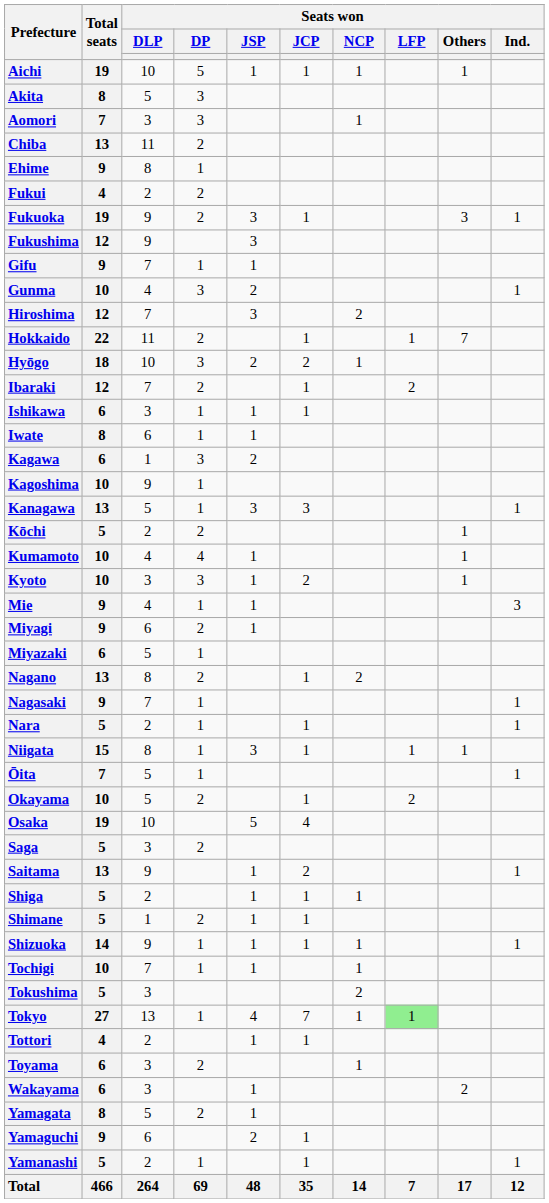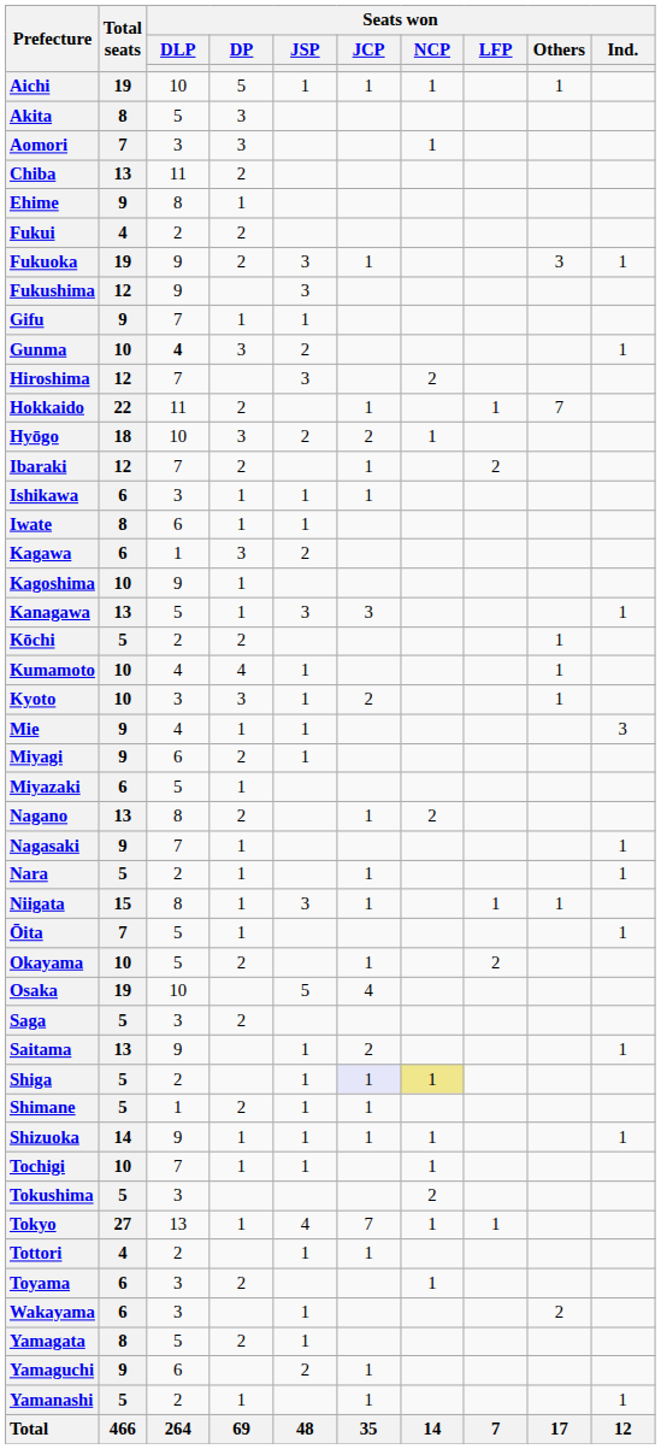 <table class="wikitable" style="text-align:center; font-size: 0.9em;">
 <tr>
 <th rowspan="3">Prefecture</th>
 <th rowspan="3">Total<br>seats</th>
 <th colspan="8">Seats won</th>
 </tr>
 <tr>
 <th class="unsortable" style="width:45px;"><a href='#'>DLP</a></th>
 <th class="unsortable" style="width:45px;"><a href='#'>DP</a></th>
 <th class="unsortable" style="width:45px;"><a href='#'>JSP</a></th>
 <th class="unsortable" style="width:45px;"><a href='#'>JCP</a></th>
 <th class="unsortable" style="width:45px;"><a href='#'>NCP</a></th>
 <th class="unsortable" style="width:45px;"><a href='#'>LFP</a></th>
 <th class="unsortable" style="width:45px;">Others</th>
 <th class="unsortable" style="width:45px;">Ind.</th>
 </tr>
 <tr>
 <th style="background:"></th>
 <th style="background:"></th>
 <th style="background:"></th>
 <th style="background:"></th>
 <th style="background:"></th>
 <th style="background:"></th>
 <th></th>
 <th style="background:"></th>
 </tr>
 <tr>
 <th style="text-align: left;"><a href='#'>Aichi</a></th>
 <th>19</th>
 <td>10</td>
 <td>5</td>
 <td>1</td>
 <td>1</td>
 <td>1</td>
 <td></td>
 <td>1</td>
 <td></td>
 </tr>
 <tr>
 <th style="text-align: left;"><a href='#'>Akita</a></th>
 <th>8</th>
 <td>5</td>
 <td>3</td>
 <td></td>
 <td></td>
 <td></td>
 <td></td>
 <td></td>
 <td></td>
 </tr>
 <tr>
 <th style="text-align: left;"><a href='#'>Aomori</a></th>
 <th>7</th>
 <td>3</td>
 <td>3</td>
 <td></td>
 <td></td>
 <td>1</td>
 <td></td>
 <td></td>
 <td></td>
 </tr>
 <tr>
 <th style="text-align: left;"><a href='#'>Chiba</a></th>
 <th>13</th>
 <td>11</td>
 <td>2</td>
 <td></td>
 <td></td>
 <td></td>
 <td></td>
 <td></td>
 <td></td>
 </tr>
 <tr>
 <th style="text-align: left;"><a href='#'>Ehime</a></th>
 <th>9</th>
 <td>8</td>
 <td>1</td>
 <td></td>
 <td></td>
 <td></td>
 <td></td>
 <td></td>
 <td></td>
 </tr>
 <tr>
 <th style="text-align: left;"><a href='#'>Fukui</a></th>
 <th>4</th>
 <td>2</td>
 <td>2</td>
 <td></td>
 <td></td>
 <td></td>
 <td></td>
 <td></td>
 <td></td>
 </tr>
 <tr>
 <th style="text-align: left;"><a href='#'>Fukuoka</a></th>
 <th>19</th>
 <td>9</td>
 <td>2</td>
 <td>3</td>
 <td>1</td>
 <td></td>
 <td></td>
 <td>3</td>
 <td>1</td>
 </tr>
 <tr>
 <th style="text-align: left;"><a href='#'>Fukushima</a></th>
 <th>12</th>
 <td>9</td>
 <td></td>
 <td>3</td>
 <td></td>
 <td></td>
 <td></td>
 <td></td>
 <td></td>
 </tr>
 <tr>
 <th style="text-align: left;"><a href='#'>Gifu</a></th>
 <th>9</th>
 <td>7</td>
 <td>1</td>
 <td>1</td>
 <td></td>
 <td></td>
 <td></td>
 <td></td>
 <td></td>
 </tr>
 <tr>
 <th style="text-align: left;"><a href='#'>Gunma</a></th>
 <th>10</th>
-<td>4</td>
+<td><strong>4</strong></td>
 <td>3</td>
 <td>2</td>
 <td></td>
 <td></td>
 <td></td>
 <td></td>
 <td>1</td>
 </tr>
 <tr>
 <th style="text-align: left;"><a href='#'>Hiroshima</a></th>
 <th>12</th>
 <td>7</td>
 <td></td>
 <td>3</td>
 <td></td>
 <td>2</td>
 <td></td>
 <td></td>
 <td></td>
 </tr>
 <tr>
 <th style="text-align: left;"><a href='#'>Hokkaido</a></th>
 <th>22</th>
 <td>11</td>
 <td>2</td>
 <td></td>
 <td>1</td>
 <td></td>
 <td>1</td>
 <td>7</td>
 <td></td>
 </tr>
 <tr>
 <th style="text-align: left;"><a href='#'>Hyōgo</a></th>
 <th>18</th>
 <td>10</td>
 <td>3</td>
 <td>2</td>
 <td>2</td>
 <td>1</td>
 <td></td>
 <td></td>
 <td></td>
 </tr>
 <tr>
 <th style="text-align: left;"><a href='#'>Ibaraki</a></th>
 <th>12</th>
 <td>7</td>
 <td>2</td>
 <td></td>
 <td>1</td>
 <td></td>
 <td>2</td>
 <td></td>
 <td></td>
 </tr>
 <tr>
 <th style="text-align: left;"><a href='#'>Ishikawa</a></th>
 <th>6</th>
 <td>3</td>
 <td>1</td>
 <td>1</td>
 <td>1</td>
 <td></td>
 <td></td>
 <td></td>
 <td></td>
 </tr>
 <tr>
 <th style="text-align: left;"><a href='#'>Iwate</a></th>
 <th>8</th>
 <td>6</td>
 <td>1</td>
 <td>1</td>
 <td></td>
 <td></td>
 <td></td>
 <td></td>
 <td></td>
 </tr>
 <tr>
 <th style="text-align: left;"><a href='#'>Kagawa</a></th>
 <th>6</th>
 <td>1</td>
 <td>3</td>
 <td>2</td>
 <td></td>
 <td></td>
 <td></td>
 <td></td>
 <td></td>
 </tr>
 <tr>
 <th style="text-align: left;"><a href='#'>Kagoshima</a></th>
 <th>10</th>
 <td>9</td>
 <td>1</td>
 <td></td>
 <td></td>
 <td></td>
 <td></td>
 <td></td>
 <td></td>
 </tr>
 <tr>
 <th style="text-align: left;"><a href='#'>Kanagawa</a></th>
 <th>13</th>
 <td>5</td>
 <td>1</td>
 <td>3</td>
 <td>3</td>
 <td></td>
 <td></td>
 <td></td>
 <td>1</td>
 </tr>
 <tr>
 <th style="text-align: left;"><a href='#'>Kōchi</a></th>
 <th>5</th>
 <td>2</td>
 <td>2</td>
 <td></td>
 <td></td>
 <td></td>
 <td></td>
 <td>1</td>
 <td></td>
 </tr>
 <tr>
 <th style="text-align: left;"><a href='#'>Kumamoto</a></th>
 <th>10</th>
 <td>4</td>
 <td>4</td>
 <td>1</td>
 <td></td>
 <td></td>
 <td></td>
 <td>1</td>
 <td></td>
 </tr>
 <tr>
 <th style="text-align: left;"><a href='#'>Kyoto</a></th>
 <th>10</th>
 <td>3</td>
 <td>3</td>
 <td>1</td>
 <td>2</td>
 <td></td>
 <td></td>
 <td>1</td>
 <td></td>
 </tr>
 <tr>
 <th style="text-align: left;"><a href='#'>Mie</a></th>
 <th>9</th>
 <td>4</td>
 <td>1</td>
 <td>1</td>
 <td></td>
 <td></td>
 <td></td>
 <td></td>
 <td>3</td>
 </tr>
 <tr>
 <th style="text-align: left;"><a href='#'>Miyagi</a></th>
 <th>9</th>
 <td>6</td>
 <td>2</td>
 <td>1</td>
 <td></td>
 <td></td>
 <td></td>
 <td></td>
 <td></td>
 </tr>
 <tr>
 <th style="text-align: left;"><a href='#'>Miyazaki</a></th>
 <th>6</th>
 <td>5</td>
 <td>1</td>
 <td></td>
 <td></td>
 <td></td>
 <td></td>
 <td></td>
 <td></td>
 </tr>
 <tr>
 <th style="text-align: left;"><a href='#'>Nagano</a></th>
 <th>13</th>
 <td>8</td>
 <td>2</td>
 <td></td>
 <td>1</td>
 <td>2</td>
 <td></td>
 <td></td>
 <td></td>
 </tr>
 <tr>
 <th style="text-align: left;"><a href='#'>Nagasaki</a></th>
 <th>9</th>
 <td>7</td>
 <td>1</td>
 <td></td>
 <td></td>
 <td></td>
 <td></td>
 <td></td>
 <td>1</td>
 </tr>
 <tr>
 <th style="text-align: left;"><a href='#'>Nara</a></th>
 <th>5</th>
 <td>2</td>
 <td>1</td>
 <td></td>
 <td>1</td>
 <td></td>
 <td></td>
 <td></td>
 <td>1</td>
 </tr>
 <tr>
 <th style="text-align: left;"><a href='#'>Niigata</a></th>
 <th>15</th>
 <td>8</td>
 <td>1</td>
 <td>3</td>
 <td>1</td>
 <td></td>
 <td>1</td>
 <td>1</td>
 <td></td>
 </tr>
 <tr>
 <th style="text-align: left;"><a href='#'>Ōita</a></th>
 <th>7</th>
 <td>5</td>
 <td>1</td>
 <td></td>
 <td></td>
 <td></td>
 <td></td>
 <td></td>
 <td>1</td>
 </tr>
 <tr>
 <th style="text-align: left;"><a href='#'>Okayama</a></th>
 <th>10</th>
 <td>5</td>
 <td>2</td>
 <td></td>
 <td>1</td>
 <td></td>
 <td>2</td>
 <td></td>
 <td></td>
 </tr>
 <tr>
 <th style="text-align: left;"><a href='#'>Osaka</a></th>
 <th>19</th>
 <td>10</td>
 <td></td>
 <td>5</td>
 <td>4</td>
 <td></td>
 <td></td>
 <td></td>
 <td></td>
 </tr>
 <tr>
 <th style="text-align: left;"><a href='#'>Saga</a></th>
 <th>5</th>
 <td>3</td>
 <td>2</td>
 <td></td>
 <td></td>
 <td></td>
 <td></td>
 <td></td>
 <td></td>
 </tr>
 <tr>
 <th style="text-align: left;"><a href='#'>Saitama</a></th>
 <th>13</th>
 <td>9</td>
 <td></td>
 <td>1</td>
 <td>2</td>
 <td></td>
 <td></td>
 <td></td>
 <td>1</td>
 </tr>
 <tr>
 <th style="text-align: left;"><a href='#'>Shiga</a></th>
 <th>5</th>
 <td>2</td>
 <td></td>
 <td>1</td>
-<td>1</td>
-<td>1</td>
+<td style="background: lavender;">1</td>
+<td style="background: khaki;">1</td>
 <td></td>
 <td></td>
 <td></td>
 </tr>
 <tr>
 <th style="text-align: left;"><a href='#'>Shimane</a></th>
 <th>5</th>
 <td>1</td>
 <td>2</td>
 <td>1</td>
 <td>1</td>
 <td></td>
 <td></td>
 <td></td>
 <td></td>
 </tr>
 <tr>
 <th style="text-align: left;"><a href='#'>Shizuoka</a></th>
 <th>14</th>
 <td>9</td>
 <td>1</td>
 <td>1</td>
 <td>1</td>
 <td>1</td>
 <td></td>
 <td></td>
 <td>1</td>
 </tr>
 <tr>
 <th style="text-align: left;"><a href='#'>Tochigi</a></th>
 <th>10</th>
 <td>7</td>
 <td>1</td>
 <td>1</td>
 <td></td>
 <td>1</td>
 <td></td>
 <td></td>
 <td></td>
 </tr>
 <tr>
 <th style="text-align: left;"><a href='#'>Tokushima</a></th>
 <th>5</th>
 <td>3</td>
 <td></td>
 <td></td>
 <td></td>
 <td>2</td>
 <td></td>
 <td></td>
 <td></td>
 </tr>
 <tr>
 <th style="text-align: left;"><a href='#'>Tokyo</a></th>
 <th>27</th>
 <td>13</td>
 <td>1</td>
 <td>4</td>
 <td>7</td>
 <td>1</td>
-<td style="background: lightgreen;">1</td>
+<td>1</td>
 <td></td>
 <td></td>
 </tr>
 <tr>
 <th style="text-align: left;"><a href='#'>Tottori</a></th>
 <th>4</th>
 <td>2</td>
 <td></td>
 <td>1</td>
 <td>1</td>
 <td></td>
 <td></td>
 <td></td>
 <td></td>
 </tr>
 <tr>
 <th style="text-align: left;"><a href='#'>Toyama</a></th>
 <th>6</th>
 <td>3</td>
 <td>2</td>
 <td></td>
 <td></td>
 <td>1</td>
 <td></td>
 <td></td>
 <td></td>
 </tr>
 <tr>
 <th style="text-align: left;"><a href='#'>Wakayama</a></th>
 <th>6</th>
 <td>3</td>
 <td></td>
 <td>1</td>
 <td></td>
 <td></td>
 <td></td>
 <td>2</td>
 <td></td>
 </tr>
 <tr>
 <th style="text-align: left;"><a href='#'>Yamagata</a></th>
 <th>8</th>
 <td>5</td>
 <td>2</td>
 <td>1</td>
 <td></td>
 <td></td>
 <td></td>
 <td></td>
 <td></td>
 </tr>
 <tr>
 <th style="text-align: left;"><a href='#'>Yamaguchi</a></th>
 <th>9</th>
 <td>6</td>
 <td></td>
 <td>2</td>
 <td>1</td>
 <td></td>
 <td></td>
 <td></td>
 <td></td>
 </tr>
 <tr>
 <th style="text-align: left;"><a href='#'>Yamanashi</a></th>
 <th>5</th>
 <td>2</td>
 <td>1</td>
 <td></td>
 <td>1</td>
 <td></td>
 <td></td>
 <td></td>
 <td>1</td>
 </tr>
 <tr class="sortbottom">
 <th style="text-align: left;">Total</th>
 <th>466</th>
 <th>264</th>
 <th>69</th>
 <th>48</th>
 <th>35</th>
 <th>14</th>
 <th>7</th>
 <th>17</th>
 <th>12</th>
 </tr>
 </table>
